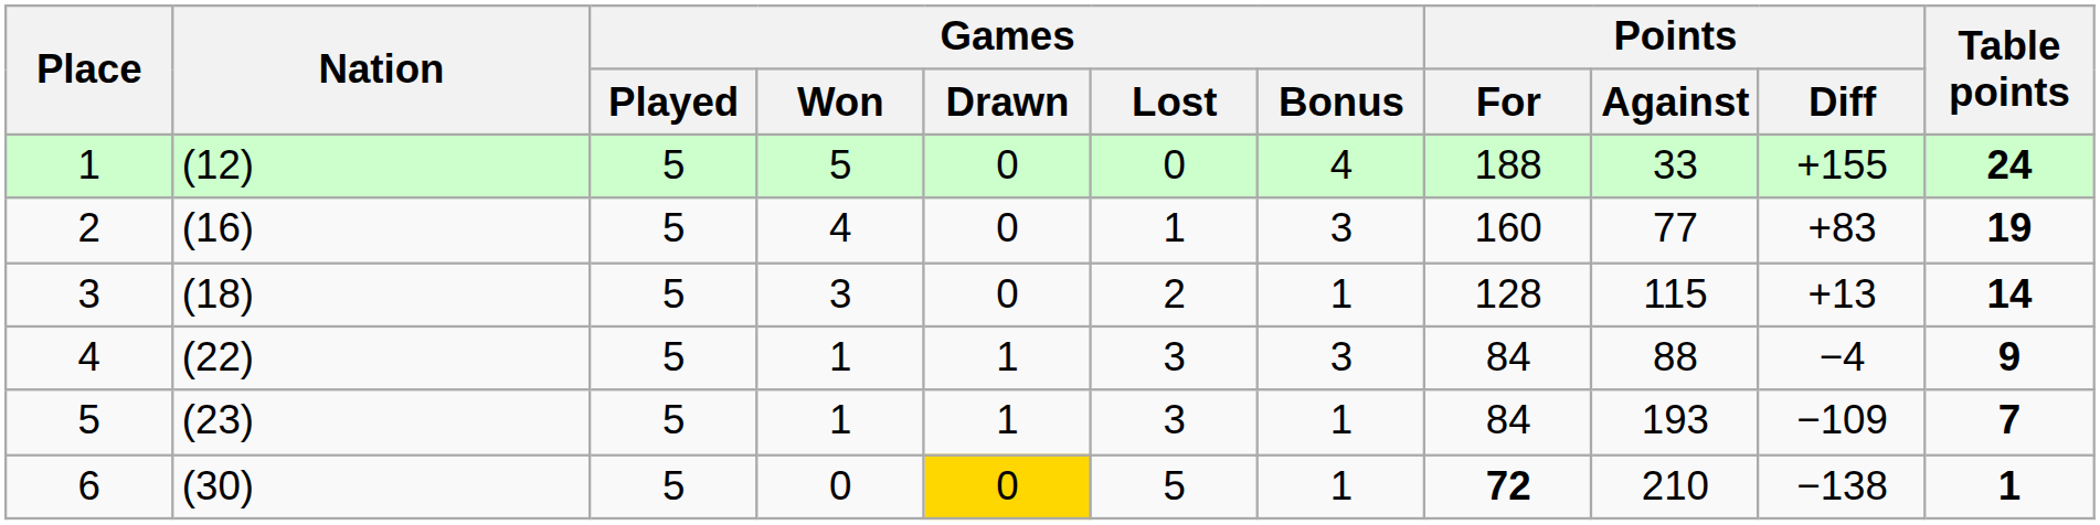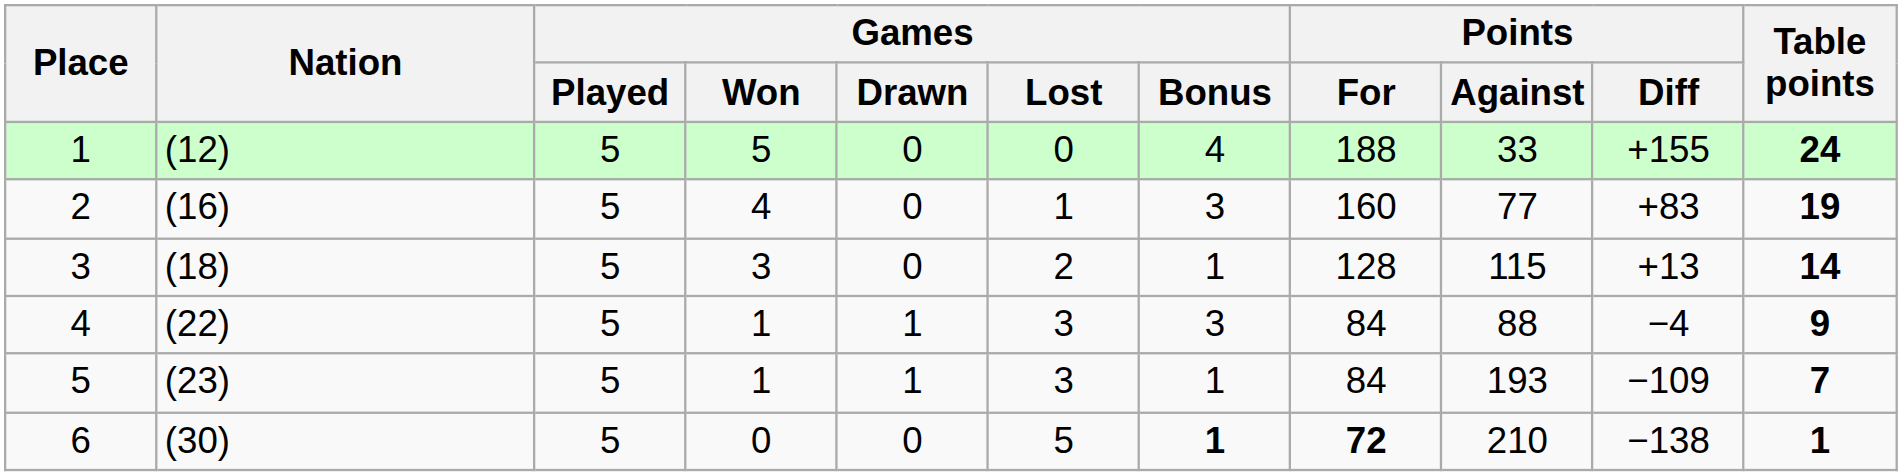 <table class="wikitable" style="text-align:center">
 <tr>
 <th rowspan=2 width="8%">Place</th>
 <th rowspan=2 width="20%">Nation</th>
 <th colspan=5 width="40%">Games</th>
 <th colspan=3 width="24%">Points</th>
 <th rowspan=2 width="10%">Table<br>points</th>
 </tr>
 <tr>
 <th width="8%">Played</th>
 <th width="8%">Won</th>
 <th width="8%">Drawn</th>
 <th width="8%">Lost</th>
 <th width="8%">Bonus</th>
 <th width="8%">For</th>
 <th width="8%">Against</th>
 <th width="8%">Diff</th>
 </tr>
 <tr bgcolor="#ccffcc">
 <td>1</td>
 <td align=left> (12)</td>
 <td>5</td>
 <td>5</td>
 <td>0</td>
 <td>0</td>
 <td>4</td>
 <td>188</td>
 <td>33</td>
 <td>+155</td>
 <td><strong>24</strong></td>
 </tr>
 <tr>
 <td>2</td>
 <td align=left> (16)</td>
 <td>5</td>
 <td>4</td>
 <td>0</td>
 <td>1</td>
 <td>3</td>
 <td>160</td>
 <td>77</td>
 <td>+83</td>
 <td><strong>19</strong></td>
 </tr>
 <tr>
 <td>3</td>
 <td align=left> (18)</td>
 <td>5</td>
 <td>3</td>
 <td>0</td>
 <td>2</td>
 <td>1</td>
 <td>128</td>
 <td>115</td>
 <td>+13</td>
 <td><strong>14</strong></td>
 </tr>
 <tr>
 <td>4</td>
 <td align=left> (22)</td>
 <td>5</td>
 <td>1</td>
 <td>1</td>
 <td>3</td>
 <td>3</td>
 <td>84</td>
 <td>88</td>
 <td>−4</td>
 <td><strong>9</strong></td>
 </tr>
 <tr>
 <td>5</td>
 <td align=left> (23)</td>
 <td>5</td>
 <td>1</td>
 <td>1</td>
 <td>3</td>
 <td>1</td>
 <td>84</td>
 <td>193</td>
 <td>−109</td>
 <td><strong>7</strong></td>
 </tr>
 <tr>
 <td>6</td>
 <td align=left> (30)</td>
 <td>5</td>
 <td>0</td>
-<td style="background: gold;">0</td>
+<td>0</td>
 <td>5</td>
-<td>1</td>
+<td><strong>1</strong></td>
 <td><strong>72</strong></td>
 <td>210</td>
 <td>−138</td>
 <td><strong>1</strong></td>
 </tr>
 </table>
